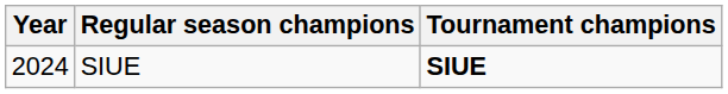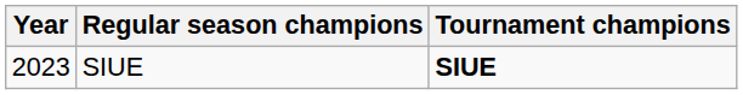 <table class="wikitable">
 <tr>
 <th>Year</th>
 <th>Regular season champions</th>
 <th>Tournament champions</th>
 </tr>
 <tr>
-<td>2024</td>
+<td>2023</td>
 <td>SIUE</td>
 <td><strong>SIUE</strong></td>
 </tr>
 </table>
